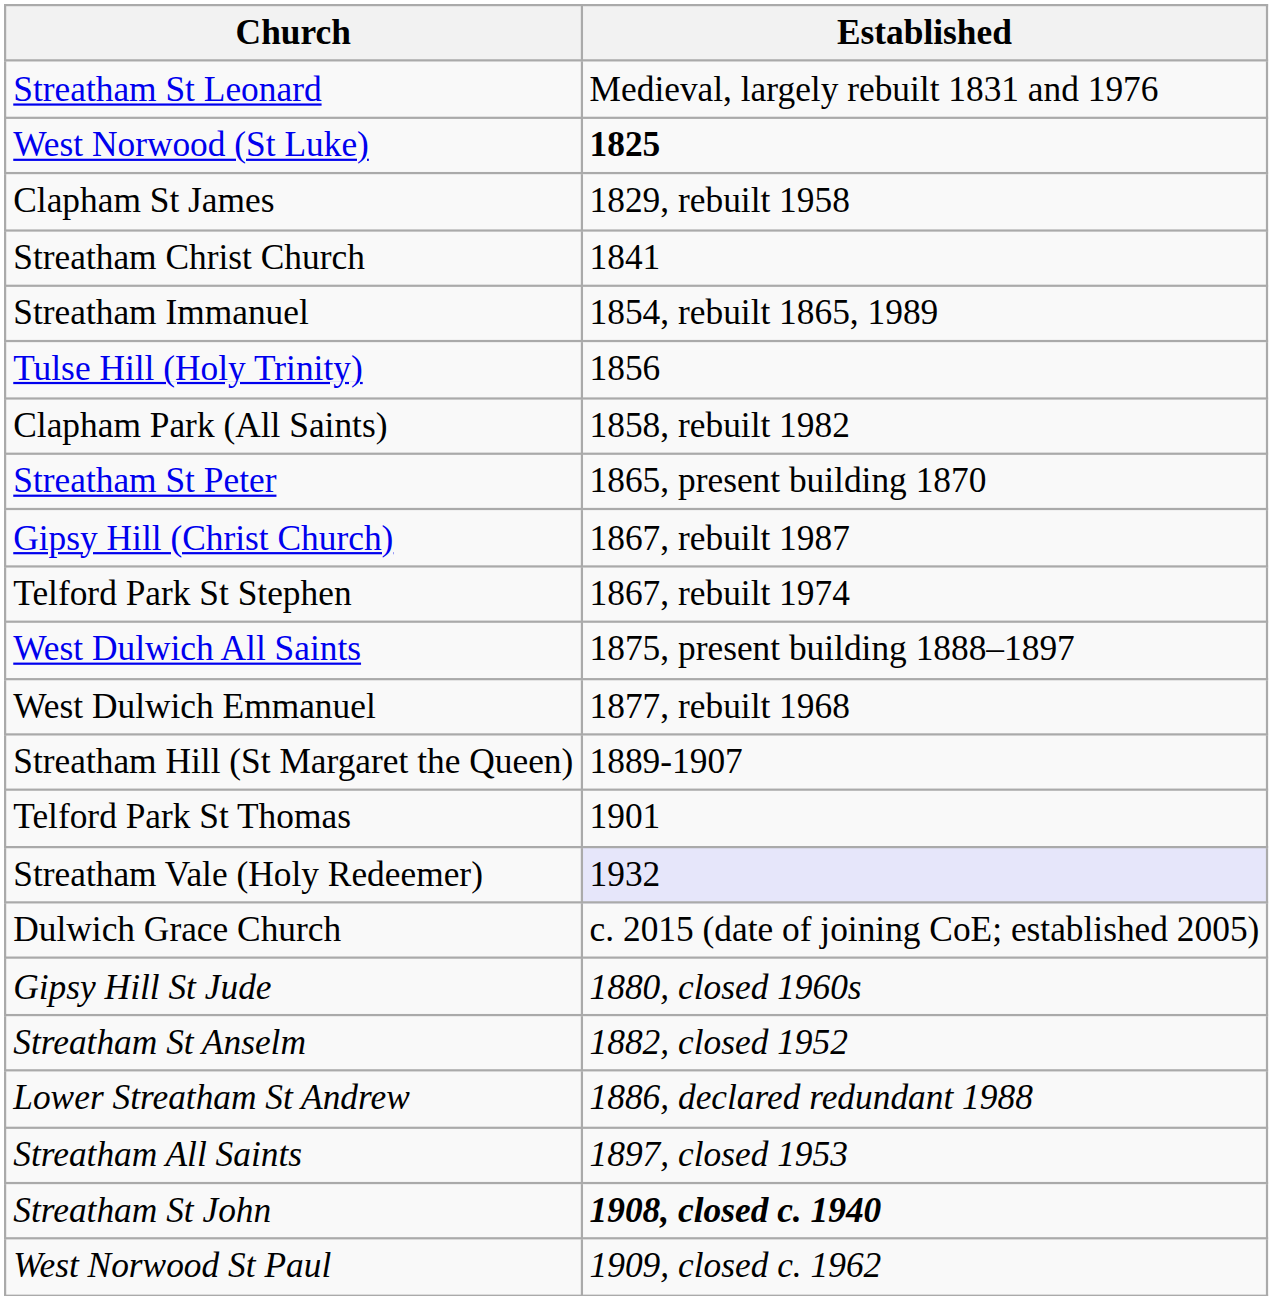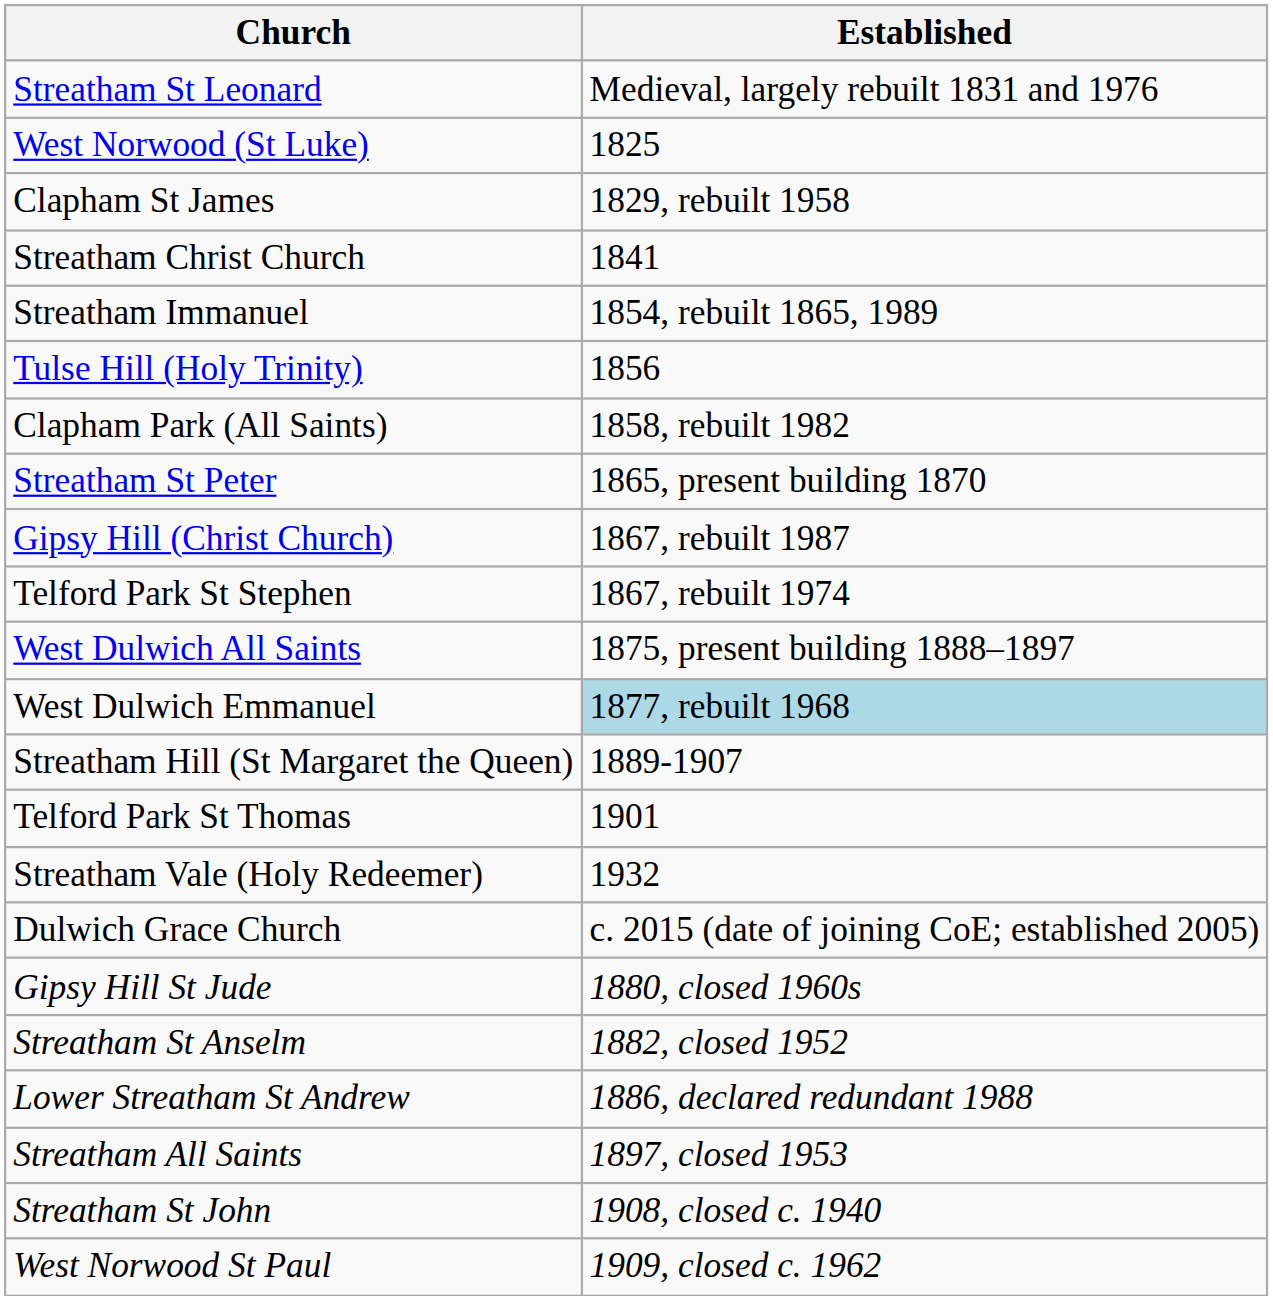 <table class="wikitable">
 <tr>
 <th>Church</th>
 <th>Established</th>
 </tr>
 <tr>
 <td><a href='#'>Streatham St Leonard</a></td>
 <td>Medieval, largely rebuilt 1831 and 1976</td>
 </tr>
 <tr>
 <td><a href='#'>West Norwood (St Luke)</a></td>
-<td><strong>1825</strong></td>
+<td>1825</td>
 </tr>
 <tr>
 <td>Clapham St James</td>
 <td>1829, rebuilt 1958</td>
 </tr>
 <tr>
 <td>Streatham Christ Church</td>
 <td>1841</td>
 </tr>
 <tr>
 <td>Streatham Immanuel</td>
 <td>1854, rebuilt 1865, 1989</td>
 </tr>
 <tr>
 <td><a href='#'>Tulse Hill (Holy Trinity)</a></td>
 <td>1856</td>
 </tr>
 <tr>
 <td>Clapham Park (All Saints)</td>
 <td>1858, rebuilt 1982</td>
 </tr>
 <tr>
 <td><a href='#'>Streatham St Peter</a></td>
 <td>1865, present building 1870</td>
 </tr>
 <tr>
 <td><a href='#'>Gipsy Hill (Christ Church)</a></td>
 <td>1867, rebuilt 1987</td>
 </tr>
 <tr>
 <td>Telford Park St Stephen</td>
 <td>1867, rebuilt 1974</td>
 </tr>
 <tr>
 <td><a href='#'>West Dulwich All Saints</a></td>
 <td>1875, present building 1888–1897</td>
 </tr>
 <tr>
 <td>West Dulwich Emmanuel</td>
-<td>1877, rebuilt 1968</td>
+<td style="background: lightblue;">1877, rebuilt 1968</td>
 </tr>
 <tr>
 <td>Streatham Hill (St Margaret the Queen)</td>
 <td>1889-1907</td>
 </tr>
 <tr>
 <td>Telford Park St Thomas</td>
 <td>1901</td>
 </tr>
 <tr>
 <td>Streatham Vale (Holy Redeemer)</td>
-<td style="background: lavender;">1932</td>
+<td>1932</td>
 </tr>
 <tr>
 <td>Dulwich Grace Church</td>
 <td>c. 2015 (date of joining CoE; established 2005)</td>
 </tr>
 <tr>
 <td><em>Gipsy Hill St Jude</em></td>
 <td><em>1880, closed 1960s</em></td>
 </tr>
 <tr>
 <td><em>Streatham St Anselm</em></td>
 <td><em>1882, closed 1952</em></td>
 </tr>
 <tr>
 <td><em>Lower Streatham St Andrew</em></td>
 <td><em>1886, declared redundant 1988</em></td>
 </tr>
 <tr>
 <td><em>Streatham All Saints</em></td>
 <td><em>1897, closed 1953</em></td>
 </tr>
 <tr>
 <td><em>Streatham St John</em></td>
-<td><strong><em>1908, closed c. 1940</em></strong></td>
+<td><em>1908, closed c. 1940</em></td>
 </tr>
 <tr>
 <td><em>West Norwood St Paul</em></td>
 <td><em>1909, closed c. 1962</em></td>
 </tr>
 </table>
